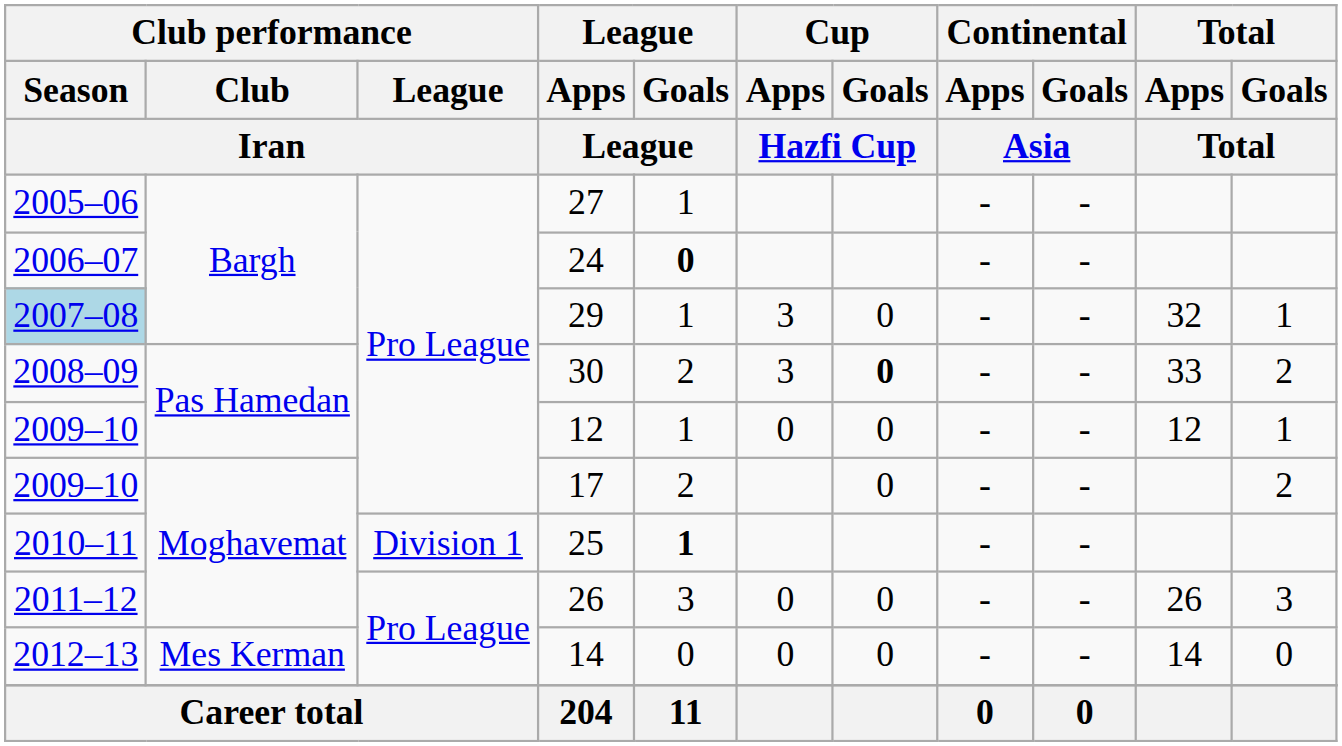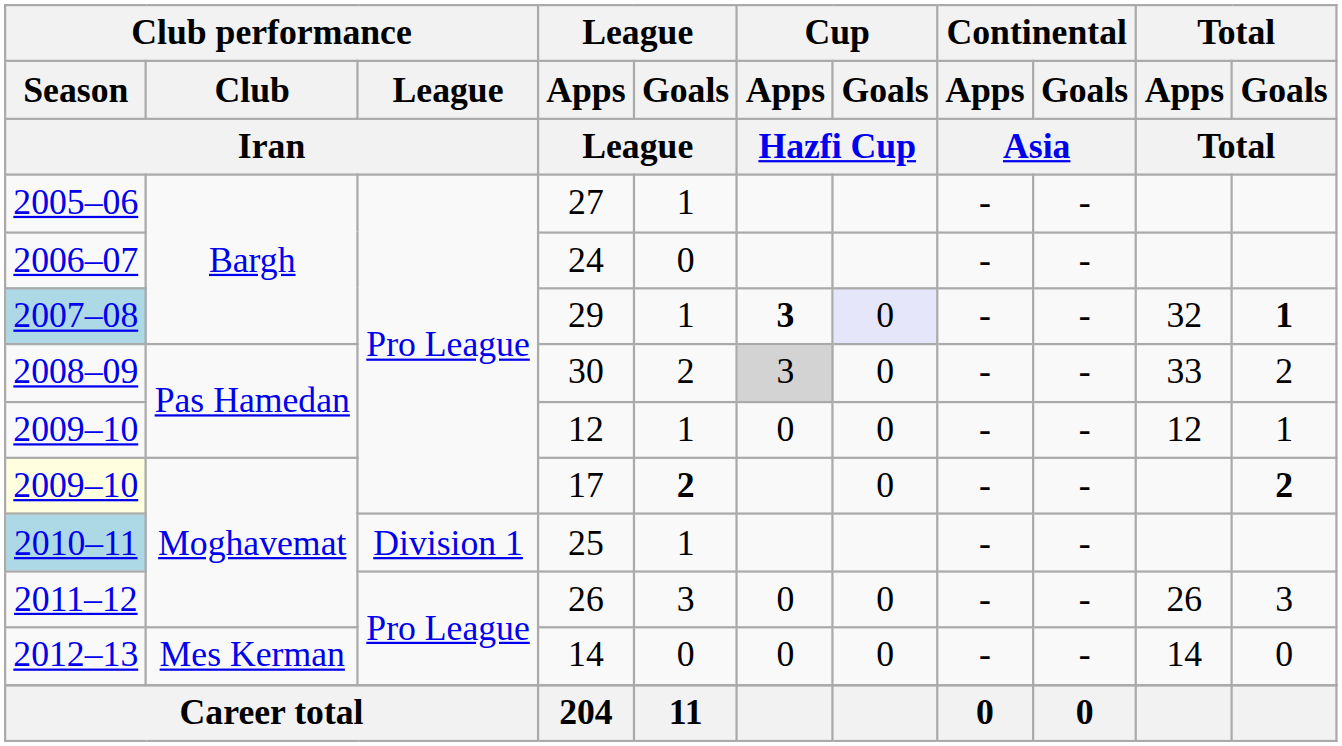 <table class="wikitable" style="text-align:center">
 <tr>
 <th colspan=3>Club performance</th>
 <th colspan=2>League</th>
 <th colspan=2>Cup</th>
 <th colspan=2>Continental</th>
 <th colspan=2>Total</th>
 </tr>
 <tr>
 <th>Season</th>
 <th>Club</th>
 <th>League</th>
 <th>Apps</th>
 <th>Goals</th>
 <th>Apps</th>
 <th>Goals</th>
 <th>Apps</th>
 <th>Goals</th>
 <th>Apps</th>
 <th>Goals</th>
 </tr>
 <tr>
 <th colspan=3>Iran</th>
 <th colspan=2>League</th>
 <th colspan=2><a href='#'>Hazfi Cup</a></th>
 <th colspan=2><a href='#'>Asia</a></th>
 <th colspan=2>Total</th>
 </tr>
 <tr>
 <td><a href='#'>2005–06</a></td>
 <td rowspan="3"><a href='#'>Bargh</a></td>
 <td rowspan="6"><a href='#'>Pro League</a></td>
 <td>27</td>
 <td>1</td>
 <td></td>
 <td></td>
 <td>-</td>
 <td>-</td>
 <td></td>
 <td></td>
 </tr>
 <tr>
 <td><a href='#'>2006–07</a></td>
 <td>24</td>
-<td><strong>0</strong></td>
+<td>0</td>
 <td></td>
 <td></td>
 <td>-</td>
 <td>-</td>
 <td></td>
 <td></td>
 </tr>
 <tr>
 <td style="background: lightblue;"><a href='#'>2007–08</a></td>
 <td>29</td>
 <td>1</td>
-<td>3</td>
-<td>0</td>
+<td><strong>3</strong></td>
+<td style="background: lavender;">0</td>
 <td>-</td>
 <td>-</td>
 <td>32</td>
-<td>1</td>
+<td><strong>1</strong></td>
 </tr>
 <tr>
 <td><a href='#'>2008–09</a></td>
 <td rowspan="2"><a href='#'>Pas Hamedan</a></td>
 <td>30</td>
 <td>2</td>
-<td>3</td>
-<td><strong>0</strong></td>
+<td style="background: lightgrey;">3</td>
+<td>0</td>
 <td>-</td>
 <td>-</td>
 <td>33</td>
 <td>2</td>
 </tr>
 <tr>
 <td><a href='#'>2009–10</a></td>
 <td>12</td>
 <td>1</td>
 <td>0</td>
 <td>0</td>
 <td>-</td>
 <td>-</td>
 <td>12</td>
 <td>1</td>
 </tr>
 <tr>
-<td><a href='#'>2009–10</a></td>
+<td style="background: lightyellow;"><a href='#'>2009–10</a></td>
 <td rowspan="3"><a href='#'>Moghavemat</a></td>
 <td>17</td>
-<td>2</td>
+<td><strong>2</strong></td>
 <td></td>
 <td>0</td>
 <td>-</td>
 <td>-</td>
 <td></td>
-<td>2</td>
+<td><strong>2</strong></td>
 </tr>
 <tr>
-<td><a href='#'>2010–11</a></td>
+<td style="background: lightblue;"><a href='#'>2010–11</a></td>
 <td><a href='#'>Division 1</a></td>
 <td>25</td>
-<td><strong>1</strong></td>
+<td>1</td>
 <td></td>
 <td></td>
 <td>-</td>
 <td>-</td>
 <td></td>
 <td></td>
 </tr>
 <tr>
 <td><a href='#'>2011–12</a></td>
 <td rowspan="2"><a href='#'>Pro League</a></td>
 <td>26</td>
 <td>3</td>
 <td>0</td>
 <td>0</td>
 <td>-</td>
 <td>-</td>
 <td>26</td>
 <td>3</td>
 </tr>
 <tr>
 <td><a href='#'>2012–13</a></td>
 <td><a href='#'>Mes Kerman</a></td>
 <td>14</td>
 <td>0</td>
 <td>0</td>
 <td>0</td>
 <td>-</td>
 <td>-</td>
 <td>14</td>
 <td>0</td>
 </tr>
 <tr>
 </tr>
 <tr>
 <th colspan=3>Career total</th>
 <th>204</th>
 <th>11</th>
 <th></th>
 <th></th>
 <th>0</th>
 <th>0</th>
 <th></th>
 <th></th>
 </tr>
 </table>
